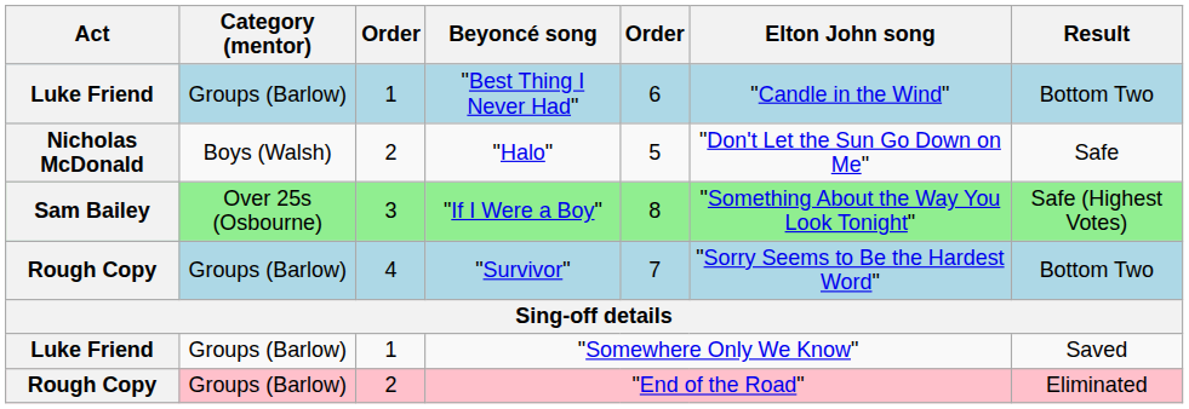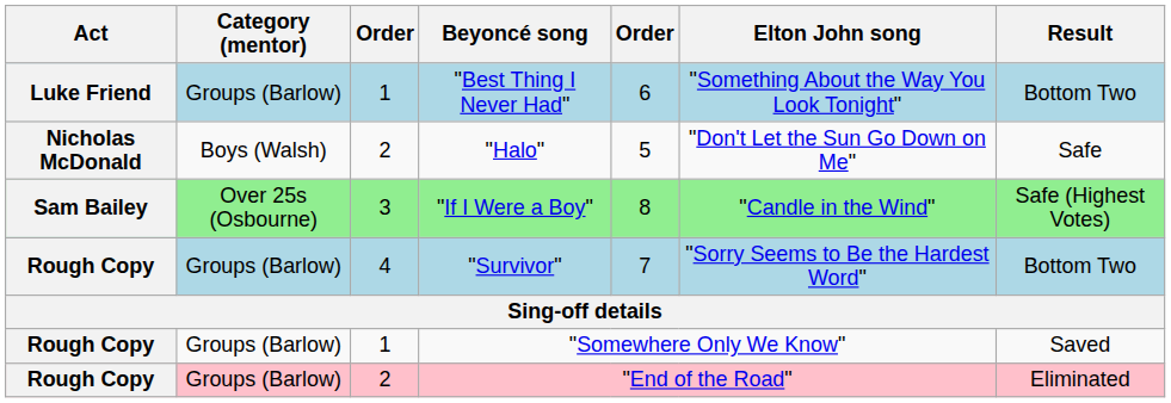 <table class="wikitable plainrowheaders" style="text-align:center;">
 <tr>
 <th scope="col">Act</th>
 <th scope="col">Category (mentor)</th>
 <th scope="col">Order</th>
 <th scope="col">Beyoncé song</th>
 <th scope="col">Order</th>
 <th scope="col">Elton John song</th>
 <th scope="col">Result</th>
 </tr>
 <tr style="background:lightblue;">
 <th scope="row">Luke Friend</th>
 <td>Groups (Barlow)</td>
 <td>1</td>
 <td>"<a href='#'>Best Thing I Never Had</a>"</td>
 <td>6</td>
-<td>"<a href='#'>Candle in the Wind</a>"</td>
+<td>"<a href='#'>Something About the Way You Look Tonight</a>"</td>
 <td>Bottom Two</td>
 </tr>
 <tr>
 <th scope="row">Nicholas McDonald</th>
 <td>Boys (Walsh)</td>
 <td>2</td>
 <td>"<a href='#'>Halo</a>"</td>
 <td>5</td>
 <td>"<a href='#'>Don't Let the Sun Go Down on Me</a>"</td>
 <td>Safe</td>
 </tr>
 <tr style="background:lightgreen;">
 <th scope="row">Sam Bailey</th>
 <td>Over 25s (Osbourne)</td>
 <td>3</td>
 <td>"<a href='#'>If I Were a Boy</a>"</td>
 <td>8</td>
-<td>"<a href='#'>Something About the Way You Look Tonight</a>"</td>
+<td>"<a href='#'>Candle in the Wind</a>"</td>
 <td>Safe (Highest Votes)</td>
 </tr>
 <tr style="background:lightblue;">
 <th scope="row">Rough Copy</th>
 <td>Groups (Barlow)</td>
 <td>4</td>
 <td>"<a href='#'>Survivor</a>"</td>
 <td>7</td>
 <td>"<a href='#'>Sorry Seems to Be the Hardest Word</a>"</td>
 <td>Bottom Two</td>
 </tr>
 <tr>
 <th colspan="7">Sing-off details</th>
 </tr>
 <tr>
-<th scope="row">Luke Friend</th>
+<th scope="row">Rough Copy</th>
 <td>Groups (Barlow)</td>
 <td>1</td>
 <td colspan="3">"<a href='#'>Somewhere Only We Know</a>"</td>
 <td>Saved</td>
 </tr>
 <tr style="background:pink;">
 <th scope="row">Rough Copy</th>
 <td>Groups (Barlow)</td>
 <td>2</td>
 <td colspan="3">"<a href='#'>End of the Road</a>"</td>
 <td>Eliminated</td>
 </tr>
 </table>
